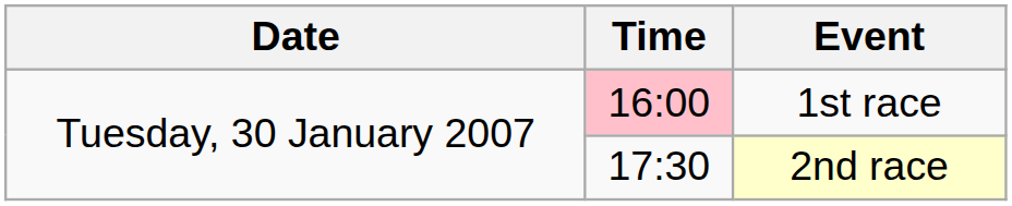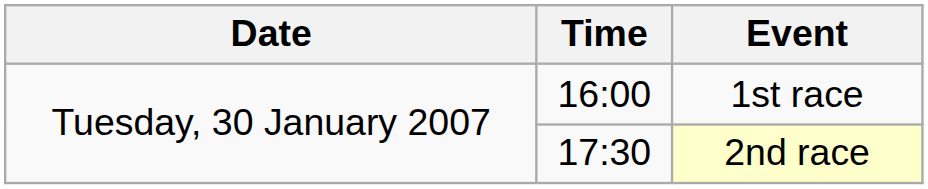 <table class = "wikitable" style="text-align:center;">
 <tr>
 <th width=220>Date</th>
 <th width=50>Time</th>
 <th width=100>Event</th>
 </tr>
 <tr>
 <td rowspan=2>Tuesday, 30 January 2007</td>
-<td style="background: pink;">16:00</td>
+<td>16:00</td>
 <td>1st race</td>
 </tr>
 <tr>
 <td>17:30</td>
 <td bgcolor=ffffcc>2nd race</td>
 </tr>
 </table>
